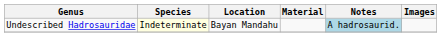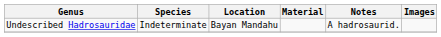 <table class="wikitable sortable">
 <tr>
 <th>Genus</th>
 <th>Species</th>
 <th>Location</th>
 <th>Material</th>
 <th>Notes</th>
 <th>Images</th>
 </tr>
 <tr>
 <td>Undescribed <a href='#'>Hadrosauridae</a></td>
-<td style="background: lightyellow;">Indeterminate</td>
+<td>Indeterminate</td>
 <td>Bayan Mandahu</td>
 <td></td>
-<td style="background: lightblue;">A hadrosaurid.</td>
+<td>A hadrosaurid.</td>
 <td></td>
 </tr>
 <tr>
 </tr>
 </table>
